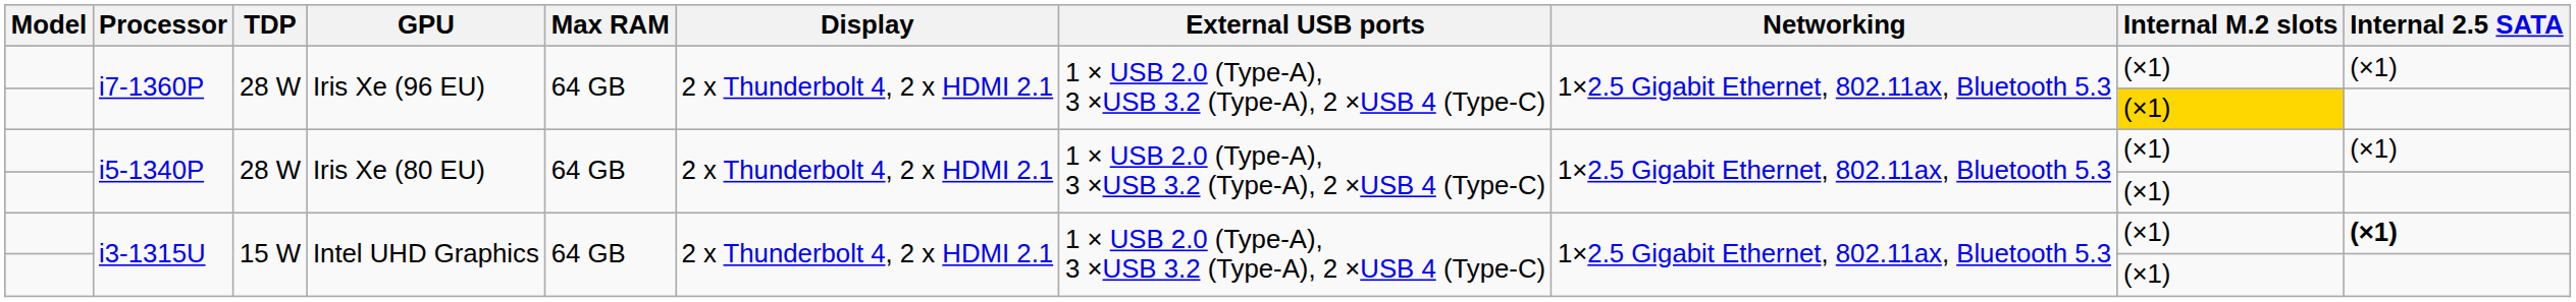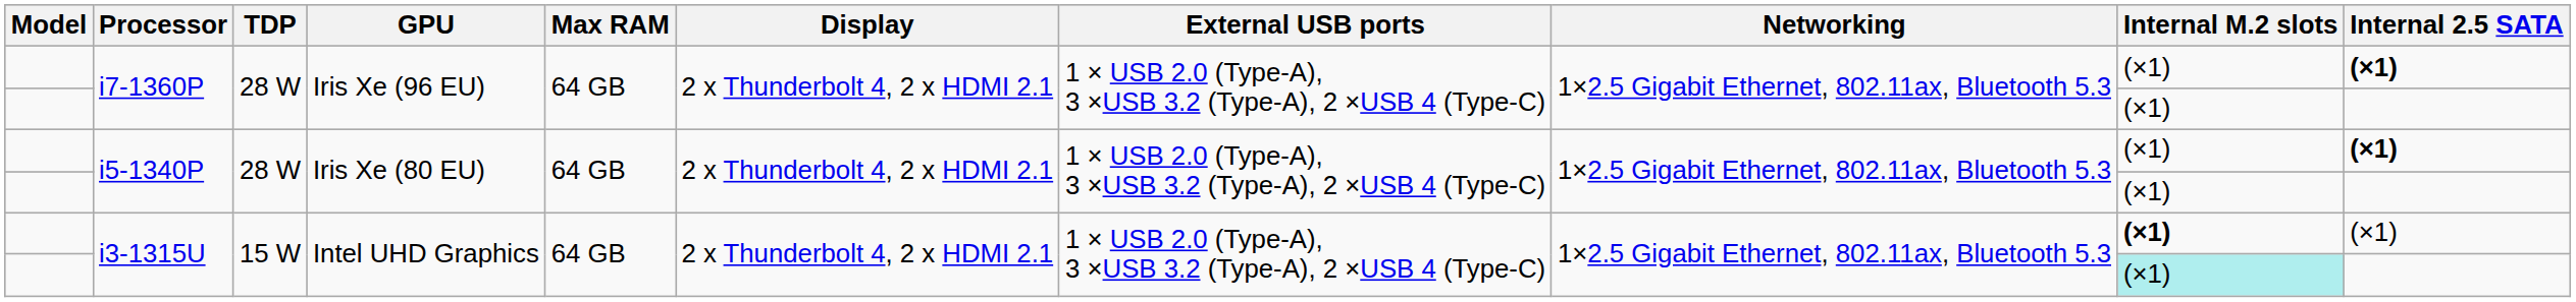 <table class="wikitable">
 <tr>
 <th>Model</th>
 <th>Processor</th>
 <th>TDP</th>
 <th>GPU</th>
 <th>Max RAM</th>
 <th>Display</th>
 <th>External USB ports</th>
 <th>Networking</th>
 <th>Internal M.2 slots</th>
 <th>Internal 2.5 <a href='#'>SATA</a></th>
 </tr>
 <tr>
 <td></td>
 <td rowspan="2"><a href='#'>i7-1360P</a></td>
 <td rowspan="2">28 W</td>
 <td rowspan="2">Iris Xe (96 EU)</td>
 <td rowspan="2">64 GB</td>
 <td rowspan="2">2 x <a href='#'>Thunderbolt 4</a>, 2 x <a href='#'>HDMI 2.1</a></td>
 <td rowspan="2">1 × <a href='#'>USB 2.0</a> (Type-A),<br>3 ×<a href='#'>USB 3.2</a> (Type-A), 2 ×<a href='#'>USB 4</a> (Type-C)</td>
 <td rowspan="2">1×<a href='#'>2.5 Gigabit Ethernet</a>, <a href='#'>802.11ax</a>, <a href='#'>Bluetooth 5.3</a></td>
 <td> (×1)</td>
-<td> (×1)</td>
+<td><strong> (×1)</strong></td>
 </tr>
 <tr>
 <td></td>
-<td style="background: gold;"> (×1)</td>
+<td> (×1)</td>
 <td></td>
 </tr>
 <tr>
 <td></td>
 <td rowspan="2"><a href='#'>i5-1340P</a></td>
 <td rowspan="2">28 W</td>
 <td rowspan="2">Iris Xe (80 EU)</td>
 <td rowspan="2">64 GB</td>
 <td rowspan="2">2 x <a href='#'>Thunderbolt 4</a>, 2 x <a href='#'>HDMI 2.1</a></td>
 <td rowspan="2">1 × <a href='#'>USB 2.0</a> (Type-A),<br>3 ×<a href='#'>USB 3.2</a> (Type-A), 2 ×<a href='#'>USB 4</a> (Type-C)</td>
 <td rowspan="2">1×<a href='#'>2.5 Gigabit Ethernet</a>, <a href='#'>802.11ax</a>, <a href='#'>Bluetooth 5.3</a></td>
 <td> (×1)</td>
-<td> (×1)</td>
+<td><strong> (×1)</strong></td>
 </tr>
 <tr>
 <td></td>
 <td> (×1)</td>
 <td></td>
 </tr>
 <tr>
 <td></td>
 <td rowspan="2"><a href='#'>i3-1315U</a></td>
 <td rowspan="2">15 W</td>
 <td rowspan="2">Intel UHD Graphics</td>
 <td rowspan="2">64 GB</td>
 <td rowspan="2">2 x <a href='#'>Thunderbolt 4</a>, 2 x <a href='#'>HDMI 2.1</a></td>
 <td rowspan="2">1 × <a href='#'>USB 2.0</a> (Type-A),<br>3 ×<a href='#'>USB 3.2</a> (Type-A), 2 ×<a href='#'>USB 4</a> (Type-C)</td>
 <td rowspan="2">1×<a href='#'>2.5 Gigabit Ethernet</a>, <a href='#'>802.11ax</a>, <a href='#'>Bluetooth 5.3</a></td>
+<td><strong> (×1)</strong></td>
 <td> (×1)</td>
-<td><strong> (×1)</strong></td>
 </tr>
 <tr>
 <td></td>
-<td> (×1)</td>
+<td style="background: paleturquoise;"> (×1)</td>
 <td></td>
 </tr>
 </table>
